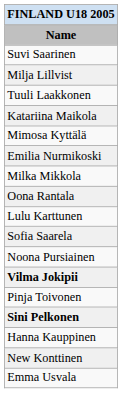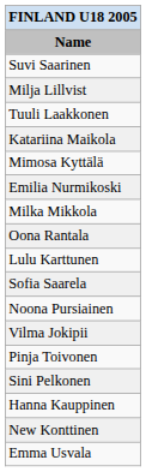 <table class="wikitable" style="text-align:left; font-size:90%;">
 <tr>
 <th style=background:#CEE0F2 colspan=2>FINLAND U18 2005</th>
 </tr>
 <tr>
 <th style="background:silver;">Name</th>
 </tr>
 <tr>
 <td>Suvi Saarinen</td>
 </tr>
 <tr bgcolor="#f0f0f0">
 <td>Milja Lillvist</td>
 </tr>
 <tr>
 <td>Tuuli Laakkonen</td>
 </tr>
 <tr bgcolor="#f0f0f0">
 <td>Katariina Maikola</td>
 </tr>
 <tr>
 <td>Mimosa Kyttälä</td>
 </tr>
 <tr bgcolor="#f0f0f0">
 <td>Emilia Nurmikoski</td>
 </tr>
 <tr>
 <td>Milka Mikkola</td>
 </tr>
 <tr bgcolor="#f0f0f0">
 <td>Oona Rantala</td>
 </tr>
 <tr>
 <td>Lulu Karttunen</td>
 </tr>
 <tr bgcolor="#f0f0f0">
 <td>Sofia Saarela</td>
 </tr>
 <tr>
 <td>Noona Pursiainen</td>
 </tr>
 <tr bgcolor="#f0f0f0">
-<td><strong>Vilma Jokipii</strong></td>
+<td>Vilma Jokipii</td>
 </tr>
 <tr>
 <td>Pinja Toivonen</td>
 </tr>
 <tr bgcolor="#f0f0f0">
-<td><strong>Sini Pelkonen</strong></td>
+<td>Sini Pelkonen</td>
 </tr>
 <tr>
 <td>Hanna Kauppinen</td>
 </tr>
 <tr bgcolor="#f0f0f0">
 <td>New Konttinen</td>
 </tr>
 <tr>
 <td>Emma Usvala</td>
 </tr>
 </table>
